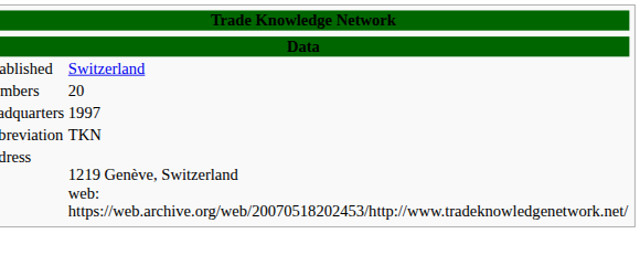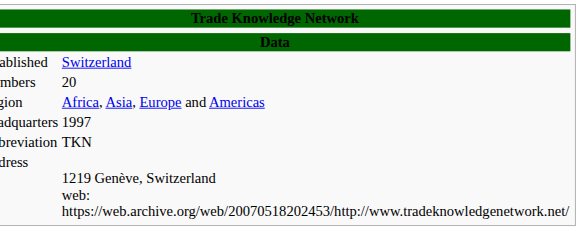 <table class="infobox">
 <tr>
 <th colspan="2" align=center bgcolor="#006600"><span><strong>Trade Knowledge Network</strong></span></th>
 </tr>
 <tr>
 <td colspan="2" align=center></td>
 </tr>
 <tr>
 <th colspan="2" align=center bgcolor="#006600"><span><strong>Data</strong></span></th>
 </tr>
 <tr>
 <td>Established</td>
 <td><a href='#'>Switzerland</a></td>
 </tr>
 <tr>
 <td>Members</td>
 <td>20</td>
 </tr>
 <tr>
+<td>Region</td>
+<td><a href='#'>Africa</a>, <a href='#'>Asia</a>, <a href='#'>Europe</a> and <a href='#'>Americas</a></td>
+</tr>
+<tr>
 <td>Headquarters</td>
 <td>1997</td>
 </tr>
 <tr>
 <td>Abbreviation</td>
 <td>TKN</td>
 </tr>
 <tr>
 <td>Address</td>
 <td><br>1219 Genève, Switzerland<br> web: https://web.archive.org/web/20070518202453/http://www.tradeknowledgenetwork.net/</td>
 </tr>
 </table>
